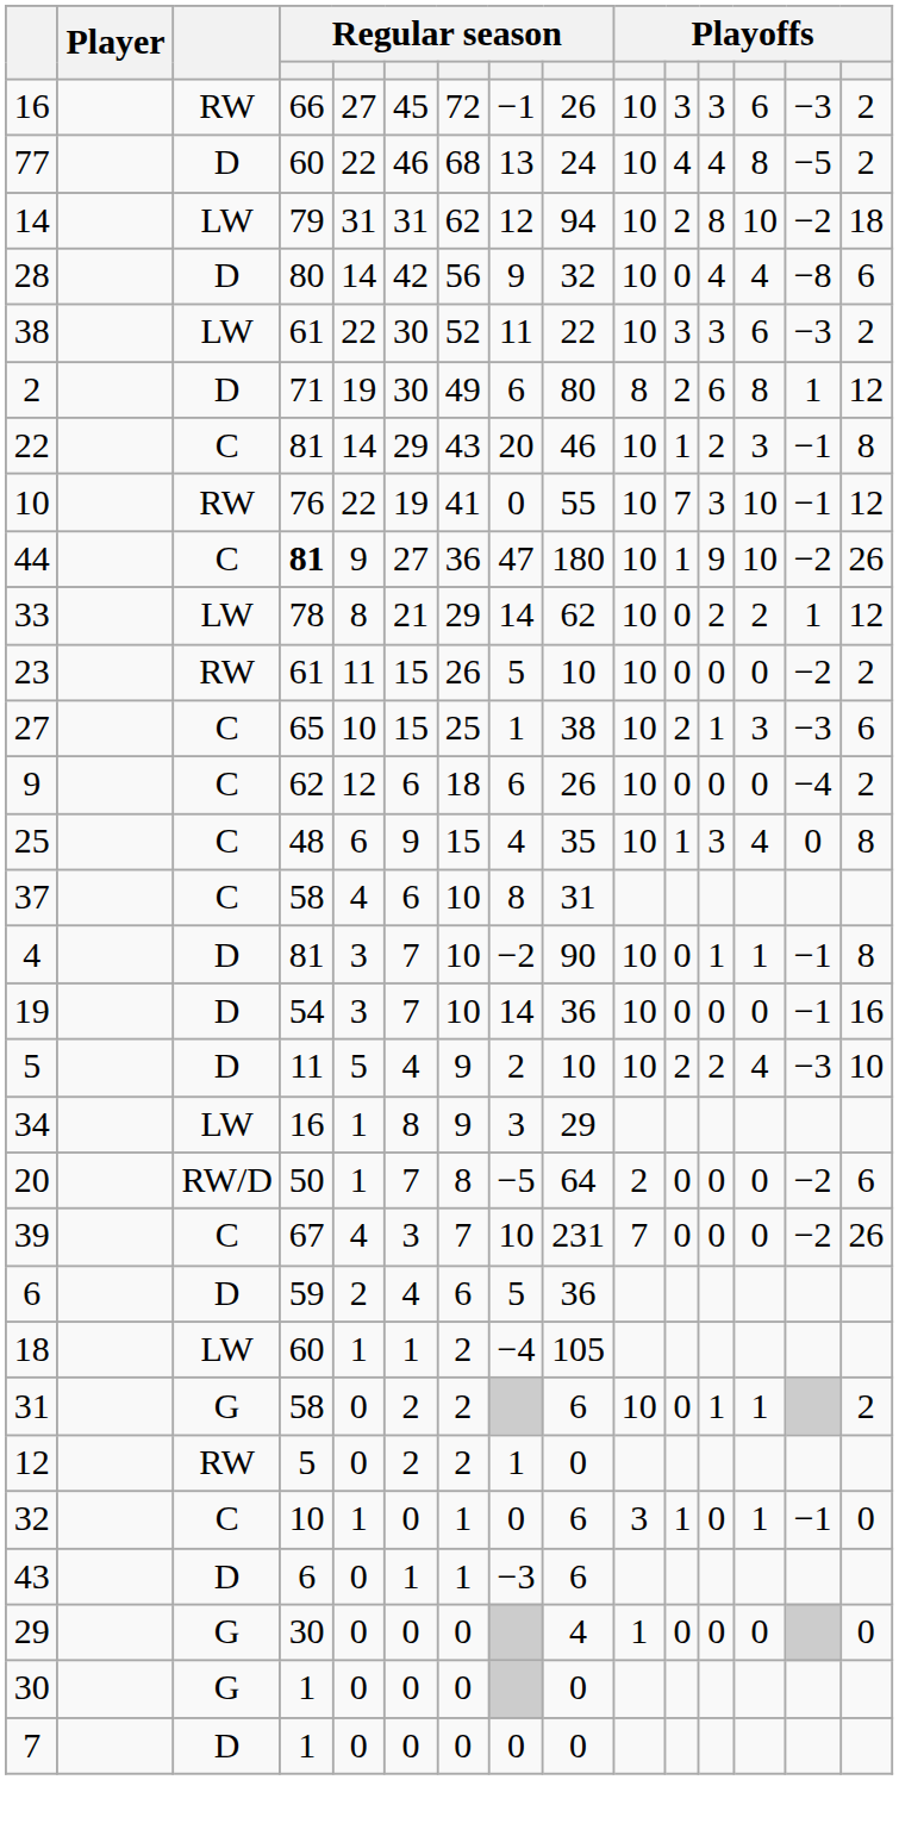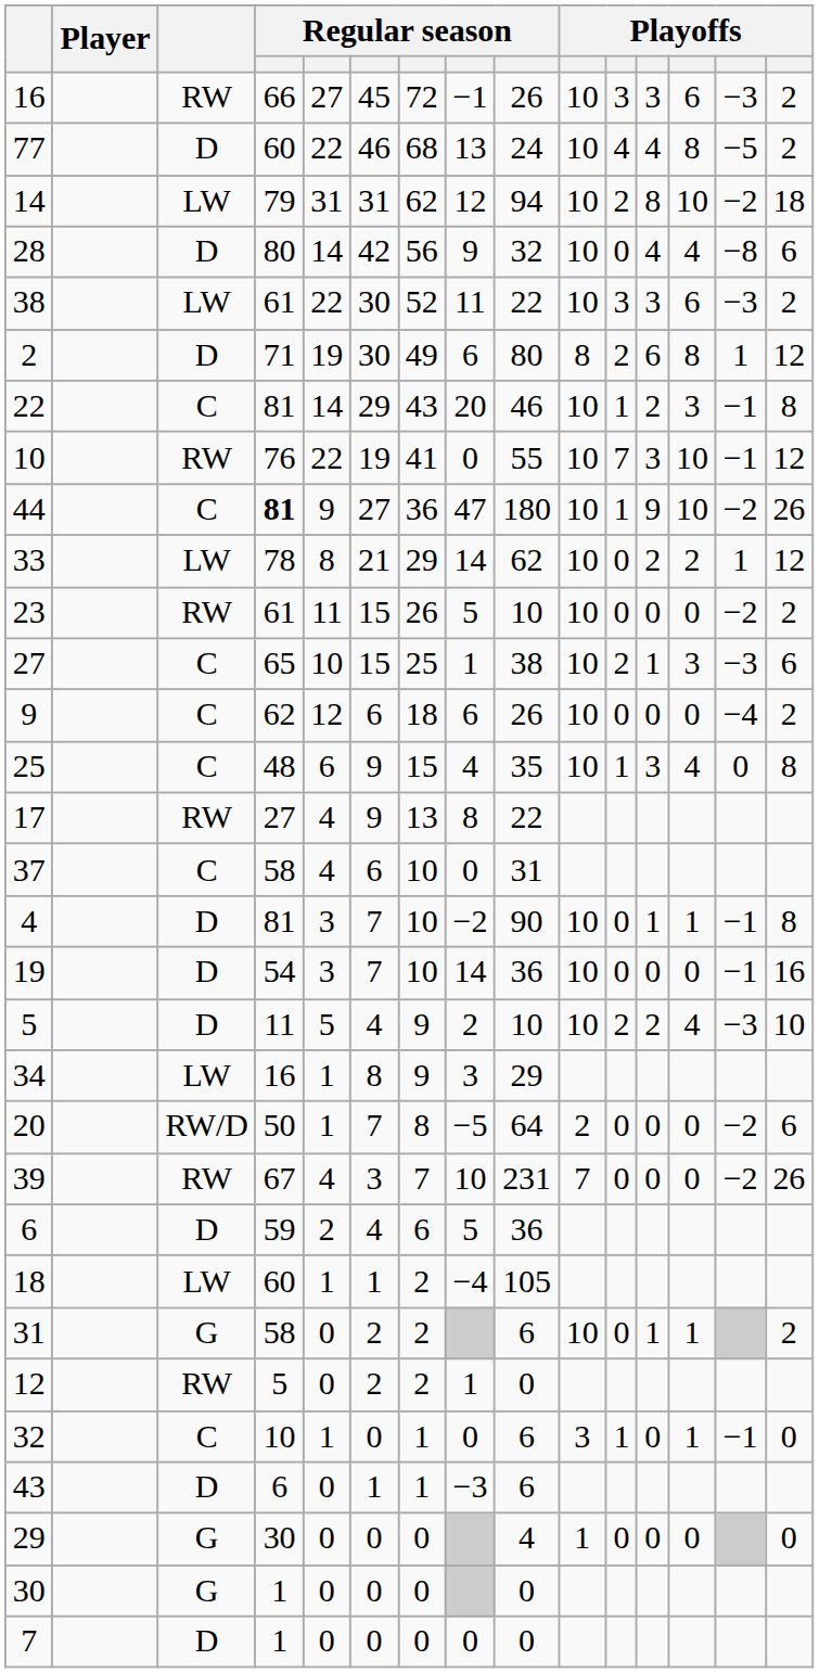 <table class="wikitable sortable plainrowheaders" style="text-align:center;">
 <tr>
 <th scope="col" data-sort-type="number" rowspan="2"></th>
 <th scope="col" rowspan="2">Player</th>
 <th scope="col" rowspan="2"></th>
 <th scope=colgroup colspan=6>Regular season</th>
 <th scope=colgroup colspan=6>Playoffs</th>
 </tr>
 <tr>
 <th scope="col" data-sort-type="number"></th>
 <th scope="col" data-sort-type="number"></th>
 <th scope="col" data-sort-type="number"></th>
 <th scope="col" data-sort-type="number"></th>
 <th scope="col" data-sort-type="number"></th>
 <th scope="col" data-sort-type="number"></th>
 <th scope="col" data-sort-type="number"></th>
 <th scope="col" data-sort-type="number"></th>
 <th scope="col" data-sort-type="number"></th>
 <th scope="col" data-sort-type="number"></th>
 <th scope="col" data-sort-type="number"></th>
 <th scope="col" data-sort-type="number"></th>
 </tr>
 <tr>
 <td scope="row">16</td>
 <td align="left"></td>
 <td>RW</td>
 <td>66</td>
 <td>27</td>
 <td>45</td>
 <td>72</td>
 <td>−1</td>
 <td>26</td>
 <td>10</td>
 <td>3</td>
 <td>3</td>
 <td>6</td>
 <td>−3</td>
 <td>2</td>
 </tr>
 <tr>
 <td scope="row">77</td>
 <td align="left"></td>
 <td>D</td>
 <td>60</td>
 <td>22</td>
 <td>46</td>
 <td>68</td>
 <td>13</td>
 <td>24</td>
 <td>10</td>
 <td>4</td>
 <td>4</td>
 <td>8</td>
 <td>−5</td>
 <td>2</td>
 </tr>
 <tr>
 <td scope="row">14</td>
 <td align="left"></td>
 <td>LW</td>
 <td>79</td>
 <td>31</td>
 <td>31</td>
 <td>62</td>
 <td>12</td>
 <td>94</td>
 <td>10</td>
 <td>2</td>
 <td>8</td>
 <td>10</td>
 <td>−2</td>
 <td>18</td>
 </tr>
 <tr>
 <td scope="row">28</td>
 <td align="left"></td>
 <td>D</td>
 <td>80</td>
 <td>14</td>
 <td>42</td>
 <td>56</td>
 <td>9</td>
 <td>32</td>
 <td>10</td>
 <td>0</td>
 <td>4</td>
 <td>4</td>
 <td>−8</td>
 <td>6</td>
 </tr>
 <tr>
 <td scope="row">38</td>
 <td align="left"></td>
 <td>LW</td>
 <td>61</td>
 <td>22</td>
 <td>30</td>
 <td>52</td>
 <td>11</td>
 <td>22</td>
 <td>10</td>
 <td>3</td>
 <td>3</td>
 <td>6</td>
 <td>−3</td>
 <td>2</td>
 </tr>
 <tr>
 <td scope="row">2</td>
 <td align="left"></td>
 <td>D</td>
 <td>71</td>
 <td>19</td>
 <td>30</td>
 <td>49</td>
 <td>6</td>
 <td>80</td>
 <td>8</td>
 <td>2</td>
 <td>6</td>
 <td>8</td>
 <td>1</td>
 <td>12</td>
 </tr>
 <tr>
 <td scope="row">22</td>
 <td align="left"></td>
 <td>C</td>
 <td>81</td>
 <td>14</td>
 <td>29</td>
 <td>43</td>
 <td>20</td>
 <td>46</td>
 <td>10</td>
 <td>1</td>
 <td>2</td>
 <td>3</td>
 <td>−1</td>
 <td>8</td>
 </tr>
 <tr>
 <td scope="row">10</td>
 <td align="left"></td>
 <td>RW</td>
 <td>76</td>
 <td>22</td>
 <td>19</td>
 <td>41</td>
 <td>0</td>
 <td>55</td>
 <td>10</td>
 <td>7</td>
 <td>3</td>
 <td>10</td>
 <td>−1</td>
 <td>12</td>
 </tr>
 <tr>
 <td scope="row">44</td>
 <td align="left"></td>
 <td>C</td>
 <td><strong>81</strong></td>
 <td>9</td>
 <td>27</td>
 <td>36</td>
 <td>47</td>
 <td>180</td>
 <td>10</td>
 <td>1</td>
 <td>9</td>
 <td>10</td>
 <td>−2</td>
 <td>26</td>
 </tr>
 <tr>
 <td scope="row">33</td>
 <td align="left"></td>
 <td>LW</td>
 <td>78</td>
 <td>8</td>
 <td>21</td>
 <td>29</td>
 <td>14</td>
 <td>62</td>
 <td>10</td>
 <td>0</td>
 <td>2</td>
 <td>2</td>
 <td>1</td>
 <td>12</td>
 </tr>
 <tr>
 <td scope="row">23</td>
 <td align="left"></td>
 <td>RW</td>
 <td>61</td>
 <td>11</td>
 <td>15</td>
 <td>26</td>
 <td>5</td>
 <td>10</td>
 <td>10</td>
 <td>0</td>
 <td>0</td>
 <td>0</td>
 <td>−2</td>
 <td>2</td>
 </tr>
 <tr>
 <td scope="row">27</td>
 <td align="left"></td>
 <td>C</td>
 <td>65</td>
 <td>10</td>
 <td>15</td>
 <td>25</td>
 <td>1</td>
 <td>38</td>
 <td>10</td>
 <td>2</td>
 <td>1</td>
 <td>3</td>
 <td>−3</td>
 <td>6</td>
 </tr>
 <tr>
 <td scope="row">9</td>
 <td align="left"></td>
 <td>C</td>
 <td>62</td>
 <td>12</td>
 <td>6</td>
 <td>18</td>
 <td>6</td>
 <td>26</td>
 <td>10</td>
 <td>0</td>
 <td>0</td>
 <td>0</td>
 <td>−4</td>
 <td>2</td>
 </tr>
 <tr>
 <td scope="row">25</td>
 <td align="left"></td>
 <td>C</td>
 <td>48</td>
 <td>6</td>
 <td>9</td>
 <td>15</td>
 <td>4</td>
 <td>35</td>
 <td>10</td>
 <td>1</td>
 <td>3</td>
 <td>4</td>
 <td>0</td>
 <td>8</td>
 </tr>
 <tr>
+<td scope="row">17</td>
+<td align="left"></td>
+<td>RW</td>
+<td>27</td>
+<td>4</td>
+<td>9</td>
+<td>13</td>
+<td>8</td>
+<td>22</td>
+<td></td>
+<td></td>
+<td></td>
+<td></td>
+<td></td>
+<td></td>
+</tr>
+<tr>
 <td scope="row">37</td>
 <td align="left"></td>
 <td>C</td>
 <td>58</td>
 <td>4</td>
 <td>6</td>
 <td>10</td>
-<td>8</td>
+<td>0</td>
 <td>31</td>
 <td></td>
 <td></td>
 <td></td>
 <td></td>
 <td></td>
 <td></td>
 </tr>
 <tr>
 <td scope="row">4</td>
 <td align="left"></td>
 <td>D</td>
 <td>81</td>
 <td>3</td>
 <td>7</td>
 <td>10</td>
 <td>−2</td>
 <td>90</td>
 <td>10</td>
 <td>0</td>
 <td>1</td>
 <td>1</td>
 <td>−1</td>
 <td>8</td>
 </tr>
 <tr>
 <td scope="row">19</td>
 <td align="left"></td>
 <td>D</td>
 <td>54</td>
 <td>3</td>
 <td>7</td>
 <td>10</td>
 <td>14</td>
 <td>36</td>
 <td>10</td>
 <td>0</td>
 <td>0</td>
 <td>0</td>
 <td>−1</td>
 <td>16</td>
 </tr>
 <tr>
 <td scope="row">5</td>
 <td align="left"></td>
 <td>D</td>
 <td>11</td>
 <td>5</td>
 <td>4</td>
 <td>9</td>
 <td>2</td>
 <td>10</td>
 <td>10</td>
 <td>2</td>
 <td>2</td>
 <td>4</td>
 <td>−3</td>
 <td>10</td>
 </tr>
 <tr>
 <td scope="row">34</td>
 <td align="left"></td>
 <td>LW</td>
 <td>16</td>
 <td>1</td>
 <td>8</td>
 <td>9</td>
 <td>3</td>
 <td>29</td>
 <td></td>
 <td></td>
 <td></td>
 <td></td>
 <td></td>
 <td></td>
 </tr>
 <tr>
 <td scope="row">20</td>
 <td align="left"></td>
 <td>RW/D</td>
 <td>50</td>
 <td>1</td>
 <td>7</td>
 <td>8</td>
 <td>−5</td>
 <td>64</td>
 <td>2</td>
 <td>0</td>
 <td>0</td>
 <td>0</td>
 <td>−2</td>
 <td>6</td>
 </tr>
 <tr>
 <td scope="row">39</td>
 <td align="left"></td>
-<td>C</td>
+<td>RW</td>
 <td>67</td>
 <td>4</td>
 <td>3</td>
 <td>7</td>
 <td>10</td>
 <td>231</td>
 <td>7</td>
 <td>0</td>
 <td>0</td>
 <td>0</td>
 <td>−2</td>
 <td>26</td>
 </tr>
 <tr>
 <td scope="row">6</td>
 <td align="left"></td>
 <td>D</td>
 <td>59</td>
 <td>2</td>
 <td>4</td>
 <td>6</td>
 <td>5</td>
 <td>36</td>
 <td></td>
 <td></td>
 <td></td>
 <td></td>
 <td></td>
 <td></td>
 </tr>
 <tr>
 <td scope="row">18</td>
 <td align="left"></td>
 <td>LW</td>
 <td>60</td>
 <td>1</td>
 <td>1</td>
 <td>2</td>
 <td>−4</td>
 <td>105</td>
 <td></td>
 <td></td>
 <td></td>
 <td></td>
 <td></td>
 <td></td>
 </tr>
 <tr>
 <td scope="row">31</td>
 <td align="left"></td>
 <td>G</td>
 <td>58</td>
 <td>0</td>
 <td>2</td>
 <td>2</td>
 <td style="background:#ccc"></td>
 <td>6</td>
 <td>10</td>
 <td>0</td>
 <td>1</td>
 <td>1</td>
 <td style="background:#ccc"></td>
 <td>2</td>
 </tr>
 <tr>
 <td scope="row">12</td>
 <td align="left"></td>
 <td>RW</td>
 <td>5</td>
 <td>0</td>
 <td>2</td>
 <td>2</td>
 <td>1</td>
 <td>0</td>
 <td></td>
 <td></td>
 <td></td>
 <td></td>
 <td></td>
 <td></td>
 </tr>
 <tr>
 <td scope="row">32</td>
 <td align="left"></td>
 <td>C</td>
 <td>10</td>
 <td>1</td>
 <td>0</td>
 <td>1</td>
 <td>0</td>
 <td>6</td>
 <td>3</td>
 <td>1</td>
 <td>0</td>
 <td>1</td>
 <td>−1</td>
 <td>0</td>
 </tr>
 <tr>
 <td scope="row">43</td>
 <td align="left"></td>
 <td>D</td>
 <td>6</td>
 <td>0</td>
 <td>1</td>
 <td>1</td>
 <td>−3</td>
 <td>6</td>
 <td></td>
 <td></td>
 <td></td>
 <td></td>
 <td></td>
 <td></td>
 </tr>
 <tr>
 <td scope="row">29</td>
 <td align="left"></td>
 <td>G</td>
 <td>30</td>
 <td>0</td>
 <td>0</td>
 <td>0</td>
 <td style="background:#ccc"></td>
 <td>4</td>
 <td>1</td>
 <td>0</td>
 <td>0</td>
 <td>0</td>
 <td style="background:#ccc"></td>
 <td>0</td>
 </tr>
 <tr>
 <td scope="row">30</td>
 <td align="left"></td>
 <td>G</td>
 <td>1</td>
 <td>0</td>
 <td>0</td>
 <td>0</td>
 <td style="background:#ccc"></td>
 <td>0</td>
 <td></td>
 <td></td>
 <td></td>
 <td></td>
 <td></td>
 <td></td>
 </tr>
 <tr>
 <td scope="row">7</td>
 <td align="left"></td>
 <td>D</td>
 <td>1</td>
 <td>0</td>
 <td>0</td>
 <td>0</td>
 <td>0</td>
 <td>0</td>
 <td></td>
 <td></td>
 <td></td>
 <td></td>
 <td></td>
 <td></td>
 </tr>
 </table>
